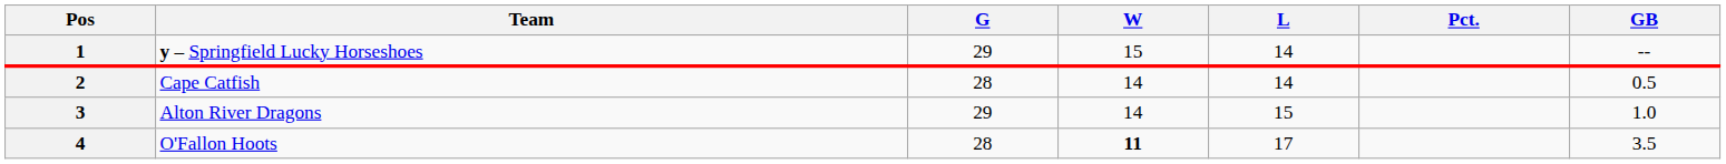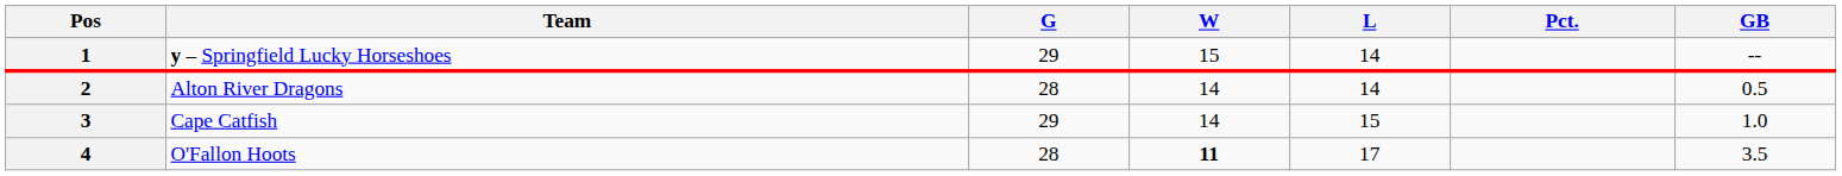 <table class="wikitable plainrowheaders" width="90%" style="text-align:center;">
 <tr>
 <th scope="col" width="5%">Pos</th>
 <th scope="col" width="25%">Team</th>
 <th scope="col" width="5%"><a href='#'>G</a></th>
 <th scope="col" width="5%"><a href='#'>W</a></th>
 <th scope="col" width="5%"><a href='#'>L</a></th>
 <th scope="col" width="7%"><a href='#'>Pct.</a></th>
 <th scope="col" width="5%"><a href='#'>GB</a></th>
 </tr>
 <tr>
 <th>1</th>
 <td style="text-align:left;"><strong>y</strong> – <a href='#'>Springfield Lucky Horseshoes</a></td>
 <td>29</td>
 <td>15</td>
 <td>14</td>
 <td></td>
 <td>--</td>
 </tr>
 <tr>
 </tr>
 <tr |- style="border-top:3px solid red;">
 <th>2</th>
-<td style="text-align:left;"><a href='#'>Cape Catfish</a></td>
+<td style="text-align:left;"><a href='#'>Alton River Dragons</a></td>
 <td>28</td>
 <td>14</td>
 <td>14</td>
 <td></td>
 <td>0.5</td>
 </tr>
 <tr>
 <th>3</th>
-<td style="text-align:left;"><a href='#'>Alton River Dragons</a></td>
+<td style="text-align:left;"><a href='#'>Cape Catfish</a></td>
 <td>29</td>
 <td>14</td>
 <td>15</td>
 <td></td>
 <td>1.0</td>
 </tr>
 <tr>
 <th>4</th>
 <td style="text-align:left;"><a href='#'>O'Fallon Hoots</a></td>
 <td>28</td>
 <td><strong>11</strong></td>
 <td>17</td>
 <td></td>
 <td>3.5</td>
 </tr>
 </table>
